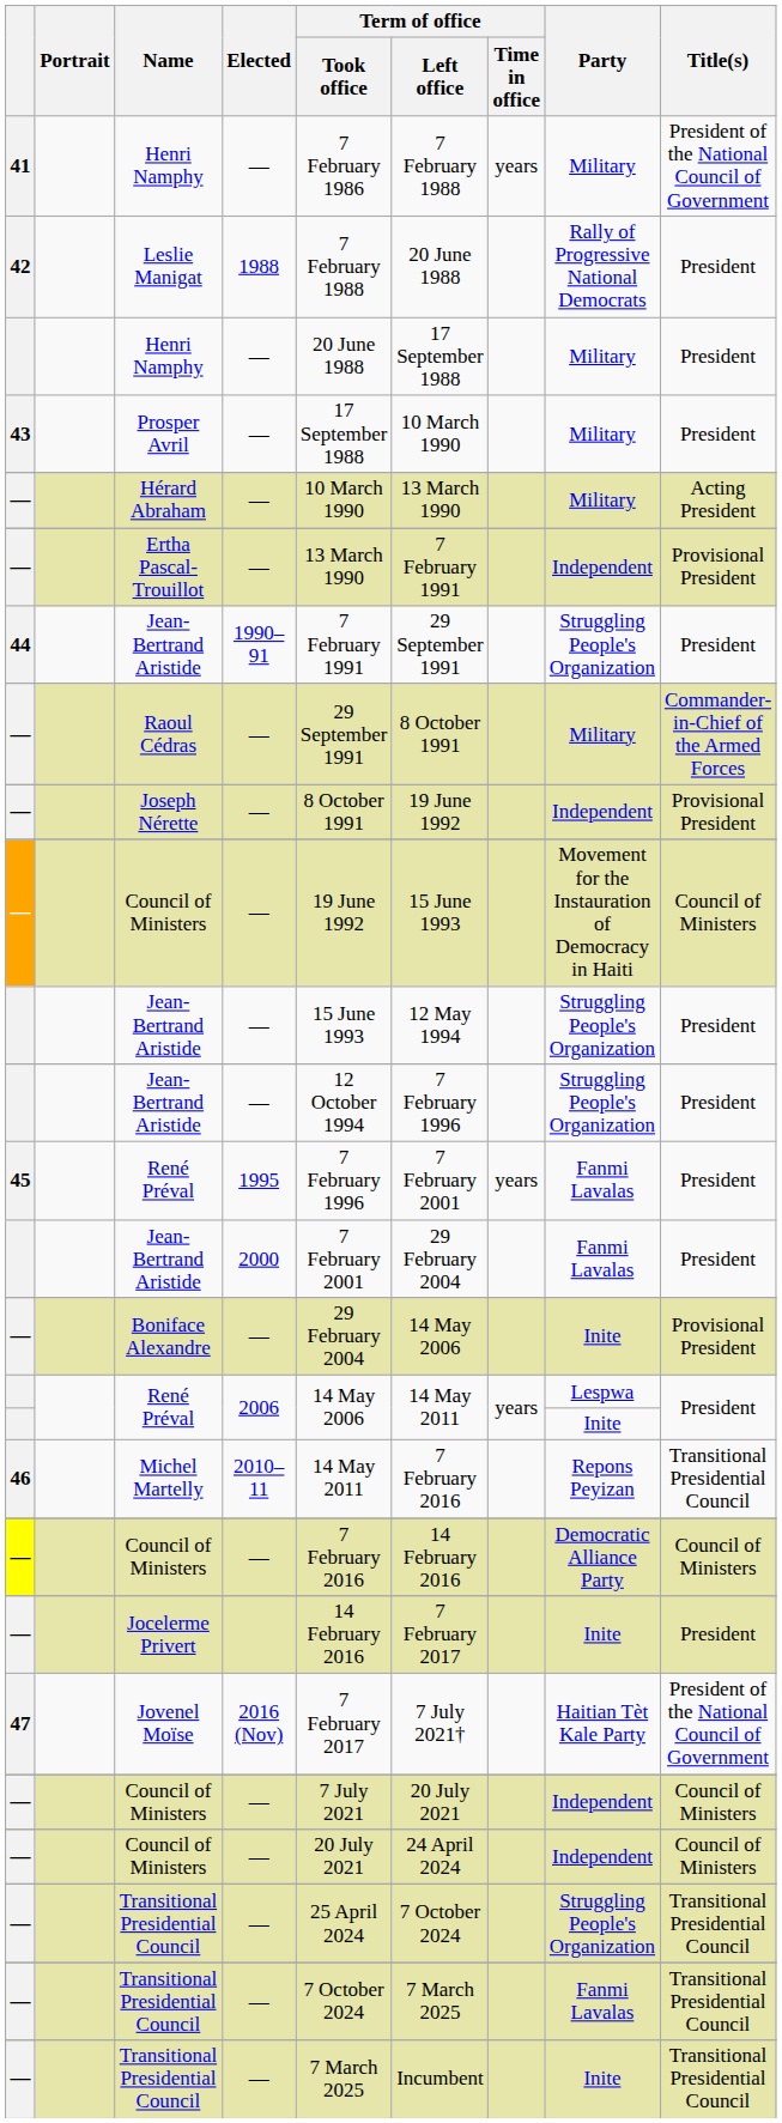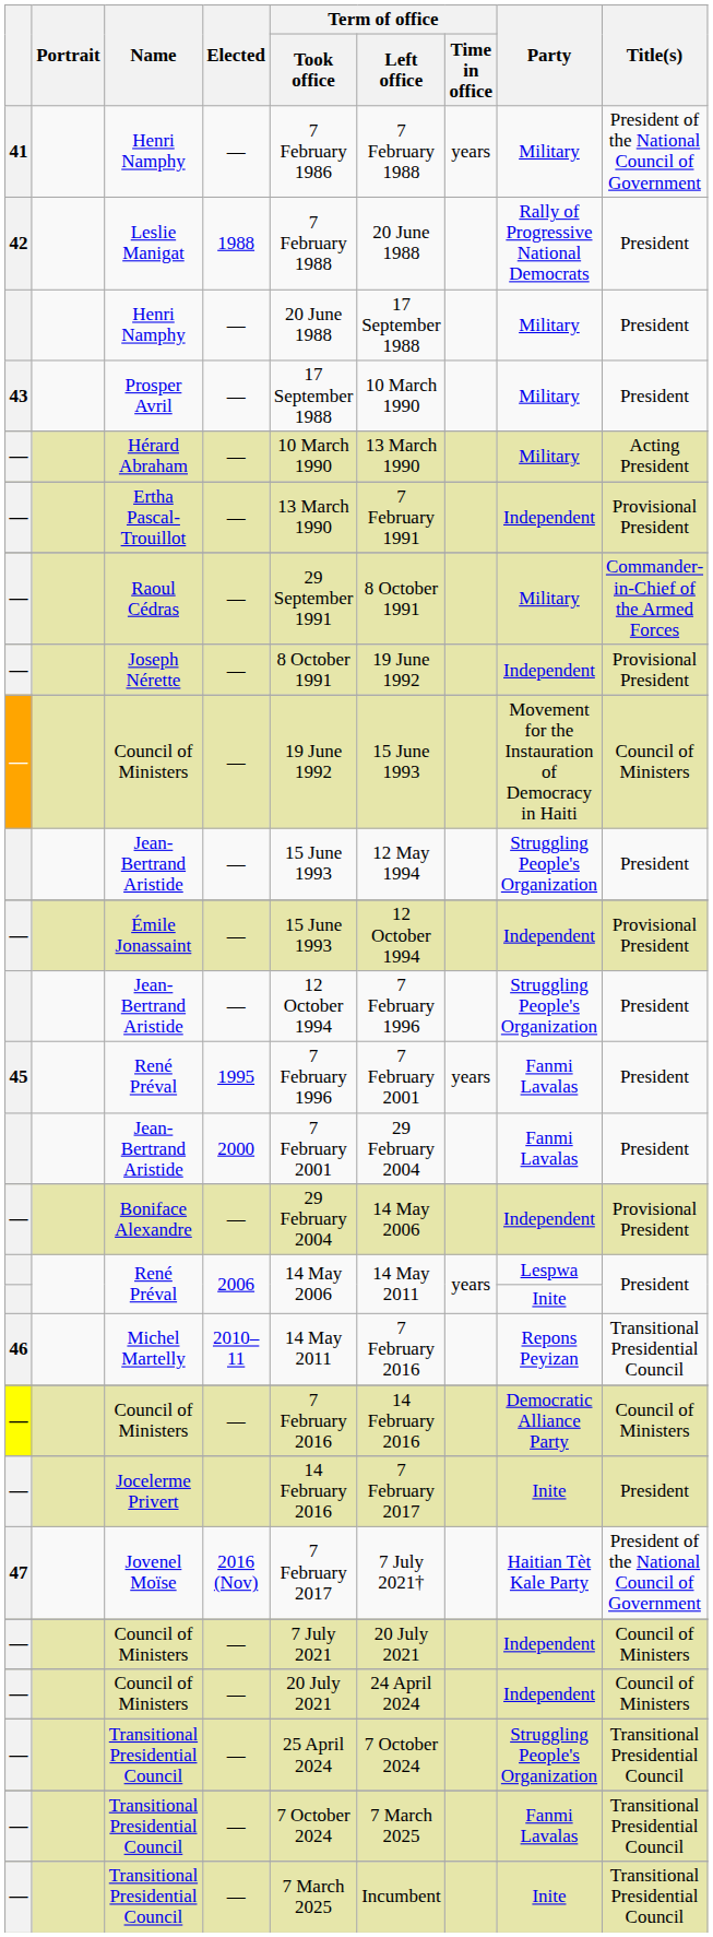 <table class="wikitable" style="text-align:center">
 <tr>
 <th rowspan="2"></th>
 <th rowspan="2">Portrait</th>
 <th rowspan="2" width="150">Name<br></th>
 <th rowspan="2">Elected</th>
 <th colspan="3">Term of office</th>
 <th rowspan="2">Party</th>
 <th rowspan="2">Title(s)</th>
 </tr>
 <tr>
 <th>Took office</th>
 <th>Left office</th>
 <th>Time in office</th>
 </tr>
 <tr>
 <th style="background:">41</th>
 <td></td>
 <td><a href='#'>Henri Namphy</a><br></td>
 <td>—</td>
 <td>7 February 1986</td>
 <td>7 February 1988</td>
 <td> years</td>
 <td><a href='#'>Military</a></td>
 <td>President of the <a href='#'>National Council of Government</a></td>
 </tr>
 <tr>
 <th style="background:">42</th>
 <td></td>
 <td><a href='#'>Leslie Manigat</a><br></td>
 <td><a href='#'>1988</a></td>
 <td>7 February 1988</td>
 <td>20 June 1988<br></td>
 <td></td>
 <td><a href='#'>Rally of Progressive National Democrats</a></td>
 <td>President</td>
 </tr>
 <tr>
 <th style="background:"></th>
 <td></td>
 <td><a href='#'>Henri Namphy</a><br></td>
 <td>—</td>
 <td>20 June 1988</td>
 <td>17 September 1988<br></td>
 <td></td>
 <td><a href='#'>Military</a></td>
 <td>President</td>
 </tr>
 <tr>
 <th style="background:">43</th>
 <td></td>
 <td><a href='#'>Prosper Avril</a><br></td>
 <td>—</td>
 <td>17 September 1988</td>
 <td>10 March 1990</td>
 <td></td>
 <td><a href='#'>Military</a></td>
 <td>President</td>
 </tr>
 <tr>
 </tr>
 <tr style="background:#E6E6AA">
 <th style="background:">—</th>
 <td></td>
 <td><a href='#'>Hérard Abraham</a><br></td>
 <td>—</td>
 <td>10 March 1990</td>
 <td>13 March 1990</td>
 <td></td>
 <td><a href='#'>Military</a></td>
 <td>Acting President</td>
 </tr>
 <tr>
 </tr>
 <tr style="background:#E6E6AA">
 <th style="background:">—</th>
 <td></td>
 <td><a href='#'>Ertha Pascal-Trouillot</a><br></td>
 <td>—</td>
 <td>13 March 1990</td>
 <td>7 February 1991</td>
 <td></td>
 <td><a href='#'>Independent</a></td>
 <td>Provisional President</td>
 </tr>
 <tr>
-<th style="background:">44</th>
-<td></td>
-<td><a href='#'>Jean-Bertrand Aristide</a><br></td>
-<td><a href='#'>1990–91</a></td>
-<td>7 February 1991</td>
-<td>29 September 1991<br></td>
-<td></td>
-<td><a href='#'>Struggling People's Organization</a></td>
-<td>President</td>
-</tr>
-<tr>
 </tr>
 <tr style="background:#E6E6AA">
 <th style="background:">—</th>
 <td></td>
 <td><a href='#'>Raoul Cédras</a><br></td>
 <td>—</td>
 <td>29 September 1991</td>
 <td>8 October 1991</td>
 <td></td>
 <td><a href='#'>Military</a></td>
 <td><a href='#'>Commander-in-Chief of the Armed Forces</a></td>
 </tr>
 <tr>
 </tr>
 <tr style="background:#E6E6AA">
 <th style="background:">—</th>
 <td></td>
 <td><a href='#'>Joseph Nérette</a><br></td>
 <td>—</td>
 <td>8 October 1991</td>
 <td>19 June 1992</td>
 <td></td>
 <td><a href='#'>Independent</a></td>
 <td>Provisional President</td>
 </tr>
 <tr>
 </tr>
 <tr style="background:#E6E6AA">
 <th style="background:orange; color:white;">—</th>
 <td></td>
 <td>Council of Ministers <br> </td>
 <td>—</td>
 <td>19 June 1992</td>
 <td>15 June 1993</td>
 <td></td>
 <td>Movement for the Instauration of Democracy in Haiti</td>
 <td>Council of Ministers</td>
 </tr>
 <tr>
 <th style="background:"></th>
 <td></td>
 <td><a href='#'>Jean-Bertrand Aristide</a><br></td>
 <td>—</td>
 <td>15 June 1993</td>
 <td>12 May 1994</td>
 <td></td>
 <td><a href='#'>Struggling People's Organization</a></td>
 <td>President</td>
 </tr>
 <tr>
 </tr>
+<tr style="background:#E6E6AA">
+<th style="background:">—</th>
+<td></td>
+<td><a href='#'>Émile Jonassaint</a><br></td>
+<td>—</td>
+<td>15 June 1993</td>
+<td>12 October 1994</td>
+<td></td>
+<td><a href='#'>Independent</a></td>
+<td>Provisional President</td>
+</tr>
 <tr>
 <th style="background:"></th>
 <td></td>
 <td><a href='#'>Jean-Bertrand Aristide</a><br></td>
 <td>—</td>
 <td>12 October 1994</td>
 <td>7 February 1996</td>
 <td></td>
 <td><a href='#'>Struggling People's Organization</a></td>
 <td>President</td>
 </tr>
 <tr>
 <th style="background:">45</th>
 <td></td>
 <td><a href='#'>René Préval</a><br></td>
 <td><a href='#'>1995</a></td>
 <td>7 February 1996</td>
 <td>7 February 2001</td>
 <td> years</td>
 <td><a href='#'>Fanmi Lavalas</a></td>
 <td>President</td>
 </tr>
 <tr>
 <th style="background:"></th>
 <td></td>
 <td><a href='#'>Jean-Bertrand Aristide</a><br></td>
 <td><a href='#'>2000</a></td>
 <td>7 February 2001</td>
 <td>29 February 2004<br></td>
 <td></td>
 <td><a href='#'>Fanmi Lavalas</a></td>
 <td>President</td>
 </tr>
 <tr>
 </tr>
 <tr style="background:#E6E6AA">
 <th style="background:">—</th>
 <td></td>
 <td><a href='#'>Boniface Alexandre</a><br></td>
 <td>—</td>
 <td>29 February 2004</td>
 <td>14 May 2006</td>
 <td></td>
-<td><a href='#'>Inite</a></td>
+<td><a href='#'>Independent</a></td>
 <td>Provisional President</td>
 </tr>
 <tr>
 <th style="background:"></th>
 <td rowspan=2></td>
 <td rowspan=2><a href='#'>René Préval</a><br></td>
 <td rowspan=2><a href='#'>2006</a></td>
 <td rowspan=2>14 May 2006</td>
 <td rowspan=2>14 May 2011</td>
 <td rowspan=2> years</td>
 <td><a href='#'>Lespwa</a><br></td>
 <td rowspan=2>President</td>
 </tr>
 <tr>
 <th style="background:"></th>
 <td><a href='#'>Inite</a></td>
 </tr>
 <tr>
 <th style="background:">46</th>
 <td></td>
 <td><a href='#'>Michel Martelly</a><br></td>
 <td><a href='#'>2010–11</a></td>
 <td>14 May 2011</td>
 <td>7 February 2016</td>
 <td></td>
 <td><a href='#'>Repons Peyizan</a></td>
 <td>Transitional Presidential Council</td>
 </tr>
 <tr>
 </tr>
 <tr style="background:#E6E6AA">
 <th style="background:Yellow; color:black;">—</th>
 <td></td>
 <td>Council of Ministers <br> </td>
 <td>—</td>
 <td>7 February 2016</td>
 <td>14 February 2016</td>
 <td></td>
 <td><a href='#'>Democratic Alliance Party</a></td>
 <td>Council of Ministers</td>
 </tr>
 <tr>
 </tr>
 <tr style="background:#E6E6AA">
 <th style="background:">—</th>
 <td></td>
 <td><a href='#'>Jocelerme Privert</a><br></td>
 <td></td>
 <td>14 February 2016</td>
 <td>7 February 2017</td>
 <td></td>
 <td><a href='#'>Inite</a></td>
 <td>President</td>
 </tr>
 <tr>
 <th style="background:">47</th>
 <td></td>
 <td><a href='#'>Jovenel Moïse</a><br></td>
 <td><a href='#'>2016 (Nov)</a></td>
 <td>7 February 2017</td>
 <td>7 July 2021†</td>
 <td></td>
 <td><a href='#'>Haitian Tèt Kale Party</a></td>
 <td>President of the <a href='#'>National Council of Government</a></td>
 </tr>
 <tr>
 </tr>
 <tr style="background:#E6E6AA">
 <th style="background:">—</th>
 <td></td>
 <td>Council of Ministers <br> </td>
 <td>—</td>
 <td>7 July 2021</td>
 <td>20 July 2021</td>
 <td></td>
 <td><a href='#'>Independent</a></td>
 <td>Council of Ministers</td>
 </tr>
 <tr>
 </tr>
 <tr style="background:#E6E6AA">
 <th style="background:">—</th>
 <td></td>
 <td>Council of Ministers <br> </td>
 <td>—</td>
 <td>20 July 2021</td>
 <td>24 April 2024</td>
 <td></td>
 <td><a href='#'>Independent</a></td>
 <td>Council of Ministers</td>
 </tr>
 <tr>
 </tr>
 <tr style="background:#E6E6AA">
 <th style="background:">—</th>
 <td></td>
 <td><a href='#'>Transitional Presidential Council</a> <br> </td>
 <td>—</td>
 <td>25 April 2024</td>
 <td>7 October 2024</td>
 <td></td>
 <td><a href='#'>Struggling People's Organization</a></td>
 <td>Transitional Presidential Council</td>
 </tr>
 <tr>
 </tr>
 <tr style="background:#E6E6AA">
 <th style="background:">—</th>
 <td></td>
 <td><a href='#'>Transitional Presidential Council</a> <br> </td>
 <td>—</td>
 <td>7 October 2024</td>
 <td>7 March 2025</td>
 <td></td>
 <td><a href='#'>Fanmi Lavalas</a></td>
 <td>Transitional Presidential Council</td>
 </tr>
 <tr>
 </tr>
 <tr style="background:#E6E6AA">
 <th style="background:">—</th>
 <td></td>
 <td><a href='#'>Transitional Presidential Council</a> <br> </td>
 <td>—</td>
 <td>7 March 2025</td>
 <td>Incumbent</td>
 <td></td>
 <td><a href='#'>Inite</a></td>
 <td>Transitional Presidential Council</td>
 </tr>
 </table>
